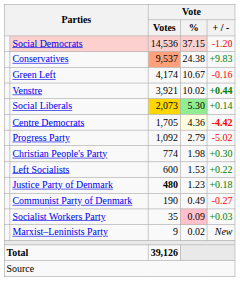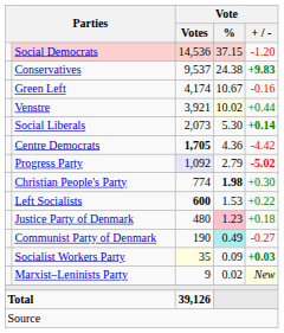 <table class="wikitable" style="text-align:right;">
 <tr>
 <th style="text-align:centre;" rowspan="2" colspan="2" width="225">Parties</th>
 <th colspan="3">Vote</th>
 </tr>
 <tr>
 <th width="15">Votes</th>
 <th width="15">%</th>
 <th width="15">+ / -</th>
 </tr>
 <tr>
 <td width="2" style="color:inherit;background:"></td>
 <td bgcolor=#fbd0ce  align="left"><a href='#'>Social Democrats</a></td>
 <td bgcolor=#fbd0ce>14,536</td>
 <td bgcolor=#fbd0ce>37.15</td>
 <td style=color:red;>-1.20</td>
 </tr>
 <tr>
 <td width="2" style="color:inherit;background:"></td>
 <td align="left"><a href='#'>Conservatives</a></td>
-<td style="background: lightsalmon;">9,537</td>
+<td>9,537</td>
 <td>24.38</td>
-<td style=color:green;>+9.83</td>
+<td style=color:green;><strong>+9.83</strong></td>
 </tr>
 <tr>
 <td width="2" style="color:inherit;background:"></td>
 <td align="left"><a href='#'>Green Left</a></td>
 <td>4,174</td>
 <td>10.67</td>
 <td style=color:red;>-0.16</td>
 </tr>
 <tr>
 <td width="2" style="color:inherit;background:"></td>
 <td align="left"><a href='#'>Venstre</a></td>
 <td>3,921</td>
-<td>10.02</td>
-<td style=color:green;><strong>+0.44</strong></td>
+<td style="background: lightyellow;">10.02</td>
+<td style=color:green;>+0.44</td>
 </tr>
 <tr>
 <td width="2" style="color:inherit;background:"></td>
 <td align="left"><a href='#'>Social Liberals</a></td>
-<td style="background: gold;">2,073</td>
-<td style="background: lightgreen;">5.30</td>
-<td style=color:green;>+0.14</td>
+<td>2,073</td>
+<td>5.30</td>
+<td style=color:green;><strong>+0.14</strong></td>
 </tr>
 <tr>
 <td width="2" style="color:inherit;background:"></td>
 <td align="left"><a href='#'>Centre Democrats</a></td>
-<td>1,705</td>
-<td style="background: lightyellow;">4.36</td>
-<td style=color:red;><strong>-4.42</strong></td>
+<td><strong>1,705</strong></td>
+<td>4.36</td>
+<td style=color:red;>-4.42</td>
 </tr>
 <tr>
 <td width="2" style="color:inherit;background:"></td>
 <td align="left"><a href='#'>Progress Party</a></td>
-<td>1,092</td>
+<td style="background: lavender;">1,092</td>
 <td>2.79</td>
-<td style=color:red;>-5.02</td>
+<td style=color:red;><strong>-5.02</strong></td>
 </tr>
 <tr>
 <td width="2" style="color:inherit;background:"></td>
 <td align="left"><a href='#'>Christian People's Party</a></td>
 <td>774</td>
-<td>1.98</td>
+<td><strong>1.98</strong></td>
 <td style=color:green;>+0.30</td>
 </tr>
 <tr>
 <td width="2" style="color:inherit;background:"></td>
 <td align="left"><a href='#'>Left Socialists</a></td>
-<td>600</td>
+<td><strong>600</strong></td>
 <td>1.53</td>
 <td style=color:green;>+0.22</td>
 </tr>
 <tr>
 <td width="2" style="color:inherit;background:"></td>
 <td align="left"><a href='#'>Justice Party of Denmark</a></td>
-<td><strong>480</strong></td>
-<td>1.23</td>
+<td>480</td>
+<td style="background: pink;">1.23</td>
 <td style=color:green;>+0.18</td>
 </tr>
 <tr>
 <td width="2" style="color:inherit;background:"></td>
 <td align="left"><a href='#'>Communist Party of Denmark</a></td>
 <td>190</td>
-<td>0.49</td>
+<td style="background: paleturquoise;">0.49</td>
 <td style=color:red;>-0.27</td>
 </tr>
 <tr>
 <td width="2" style="color:inherit;background:"></td>
 <td align="left"><a href='#'>Socialist Workers Party</a></td>
-<td>35</td>
-<td style="background: pink;">0.09</td>
-<td style=color:green;>+0.03</td>
+<td style="background: lightyellow;">35</td>
+<td>0.09</td>
+<td style=color:green;><strong>+0.03</strong></td>
 </tr>
 <tr>
 <td width="2" style="color:inherit;background:"></td>
 <td align="left"><a href='#'>Marxist–Leninists Party</a></td>
 <td>9</td>
 <td>0.02</td>
-<td><em>New</em></td>
+<td style="background: lightyellow;"><em>New</em></td>
 </tr>
 <tr>
 <td colspan="7" bgcolor="#E9E9E9"></td>
 </tr>
 <tr>
 <td align="left" colspan="2"><strong>Total</strong></td>
 <td><strong>39,126</strong></td>
 <td bgcolor="#E9E9E9" colspan="2"></td>
 </tr>
 <tr>
 <td align="left" colspan="6">Source</td>
 </tr>
 </table>
